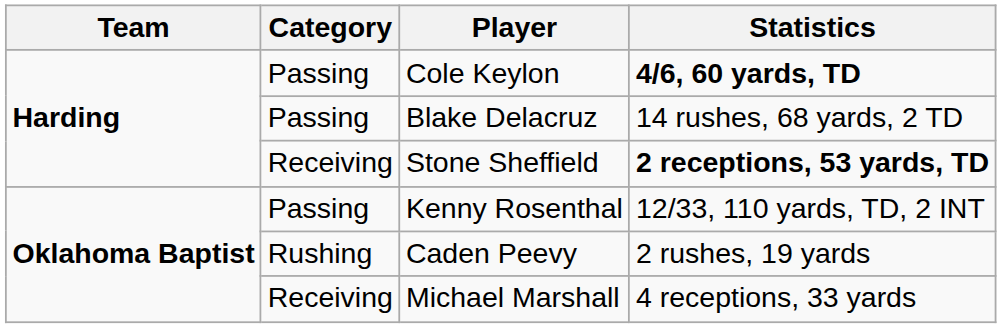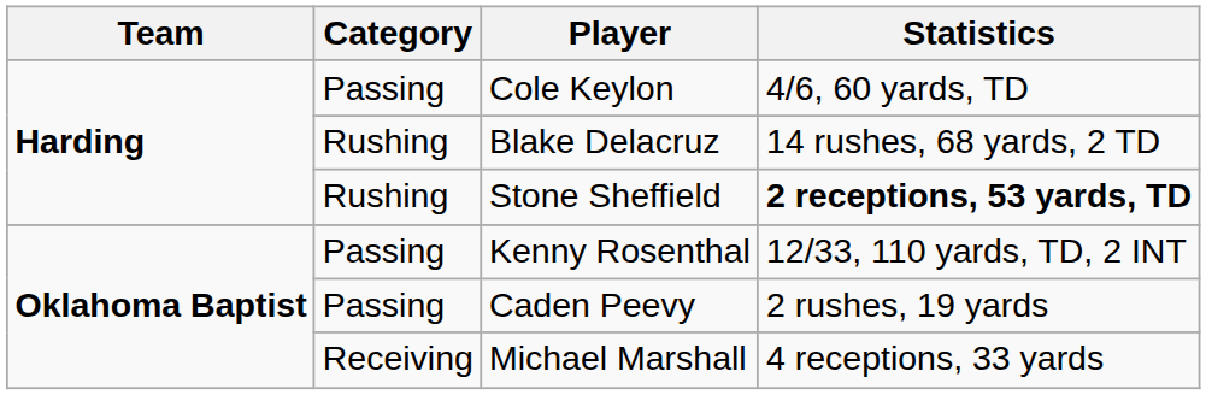 <table class="wikitable" style="float: right;">
 <tr>
 <th>Team</th>
 <th>Category</th>
 <th>Player</th>
 <th>Statistics</th>
 </tr>
 <tr>
 <td rowspan=3><strong>Harding</strong></td>
 <td>Passing</td>
 <td>Cole Keylon</td>
-<td><strong>4/6, 60 yards, TD</strong></td>
+<td>4/6, 60 yards, TD</td>
 </tr>
 <tr>
-<td>Passing</td>
+<td>Rushing</td>
 <td>Blake Delacruz</td>
 <td>14 rushes, 68 yards, 2 TD</td>
 </tr>
 <tr>
-<td>Receiving</td>
+<td>Rushing</td>
 <td>Stone Sheffield</td>
 <td><strong>2 receptions, 53 yards, TD</strong></td>
 </tr>
 <tr>
 <td rowspan=3><strong>Oklahoma Baptist</strong></td>
 <td>Passing</td>
 <td>Kenny Rosenthal</td>
 <td>12/33, 110 yards, TD, 2 INT</td>
 </tr>
 <tr>
-<td>Rushing</td>
+<td>Passing</td>
 <td>Caden Peevy</td>
 <td>2 rushes, 19 yards</td>
 </tr>
 <tr>
 <td>Receiving</td>
 <td>Michael Marshall</td>
 <td>4 receptions, 33 yards</td>
 </tr>
 </table>
